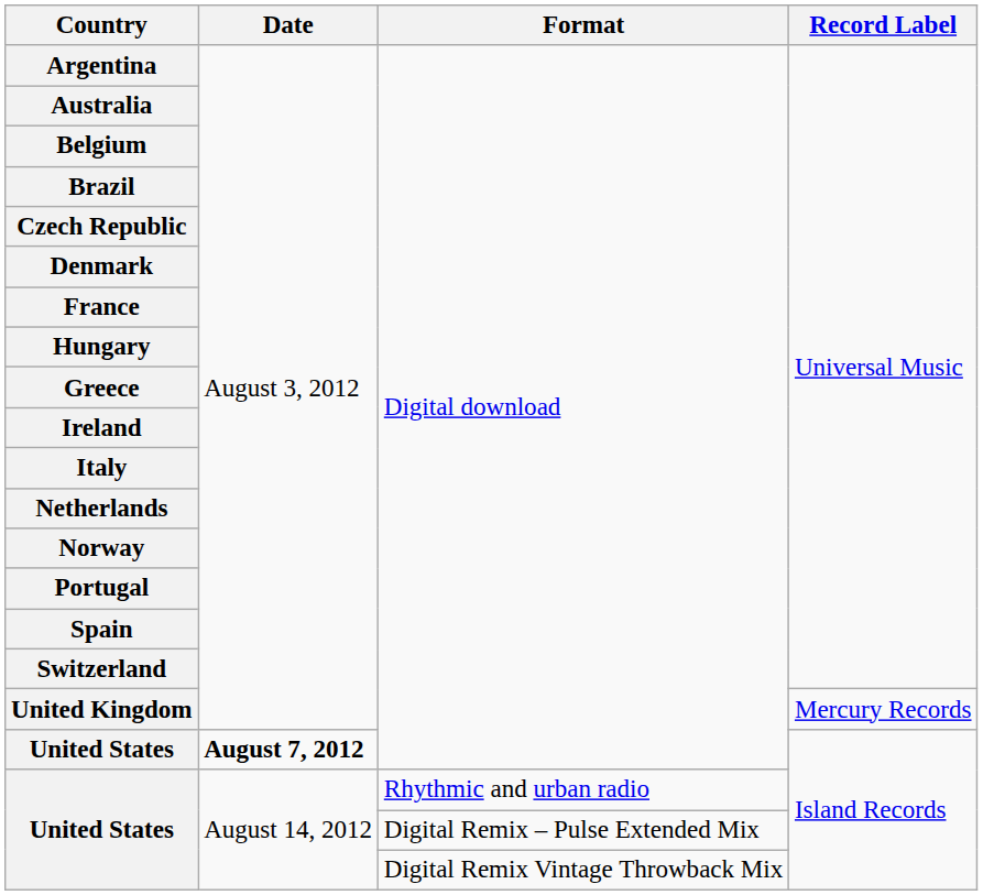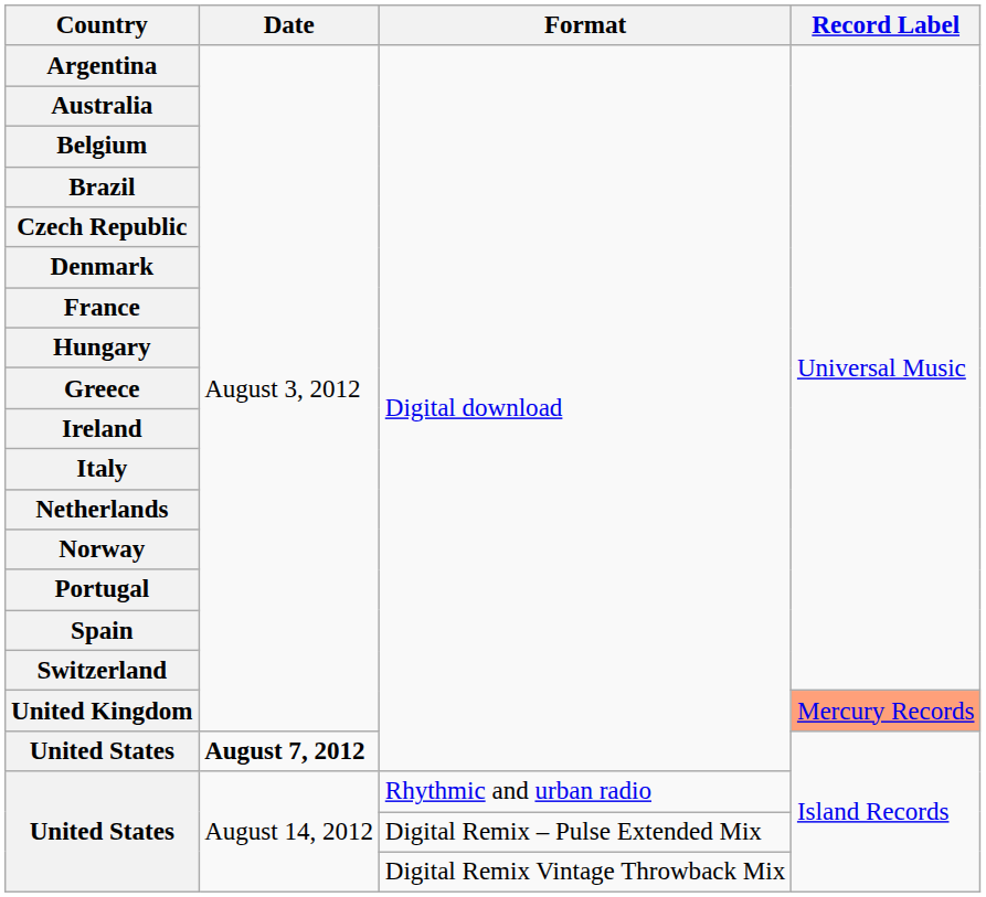 <table class="wikitable plainrowheaders">
 <tr>
 <th scope="col">Country</th>
 <th scope="col">Date</th>
 <th scope="col">Format</th>
 <th scope="col"><a href='#'>Record Label</a></th>
 </tr>
 <tr>
 <th scope="row">Argentina</th>
 <td rowspan="17">August 3, 2012</td>
 <td rowspan="18"><a href='#'>Digital download</a></td>
 <td rowspan="16"><a href='#'>Universal Music</a></td>
 </tr>
 <tr>
 <th scope="row">Australia</th>
 </tr>
 <tr>
 <th scope="row">Belgium</th>
 </tr>
 <tr>
 <th scope="row">Brazil</th>
 </tr>
 <tr>
 <th scope="row">Czech Republic</th>
 </tr>
 <tr>
 <th scope="row">Denmark</th>
 </tr>
 <tr>
 <th scope="row">France</th>
 </tr>
 <tr>
 <th scope="row">Hungary</th>
 </tr>
 <tr>
 <th scope="row">Greece</th>
 </tr>
 <tr>
 <th scope="row">Ireland</th>
 </tr>
 <tr>
 <th scope="row">Italy</th>
 </tr>
 <tr>
 <th scope="row">Netherlands</th>
 </tr>
 <tr>
 <th scope="row">Norway</th>
 </tr>
 <tr>
 <th scope="row">Portugal</th>
 </tr>
 <tr>
 <th scope="row">Spain</th>
 </tr>
 <tr>
 <th scope="row">Switzerland</th>
 </tr>
 <tr>
 <th scope="row">United Kingdom</th>
-<td><a href='#'>Mercury Records</a></td>
+<td style="background: lightsalmon;"><a href='#'>Mercury Records</a></td>
 </tr>
 <tr>
 <th scope="row">United States</th>
 <td><strong>August 7, 2012</strong></td>
 <td rowspan="4"><a href='#'>Island Records</a></td>
 </tr>
 <tr>
 <th scope="row" rowspan="3">United States</th>
 <td rowspan="3">August 14, 2012</td>
 <td><a href='#'>Rhythmic</a> and <a href='#'>urban radio</a></td>
 </tr>
 <tr>
 <td>Digital Remix – Pulse Extended Mix</td>
 </tr>
 <tr>
 <td>Digital Remix Vintage Throwback Mix</td>
 </tr>
 </table>
